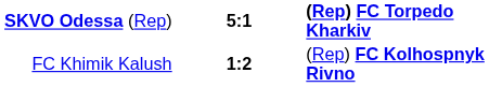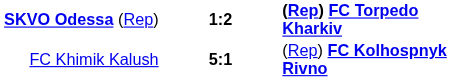 <table width=100% cellspacing=1>
 <tr>
 <th width=20%></th>
 <th width=12%></th>
 <th width=20%></th>
 <th></th>
 </tr>
 <tr style=font-size:90%>
 <td align=right><strong><a href='#'>SKVO Odessa</a></strong> (<a href='#'>Rep</a>)</td>
-<td align=center><strong>5:1</strong></td>
+<td align=center><strong>1:2</strong></td>
 <td><strong>(<a href='#'>Rep</a>) <a href='#'>FC Torpedo Kharkiv</a></strong></td>
 </tr>
 <tr style=font-size:90%>
 <td align=right><a href='#'>FC Khimik Kalush</a></td>
-<td align=center><strong>1:2</strong></td>
+<td align=center><strong>5:1</strong></td>
 <td>(<a href='#'>Rep</a>) <strong><a href='#'>FC Kolhospnyk Rivno</a></strong></td>
 <td align=center></td>
 </tr>
 </table>
